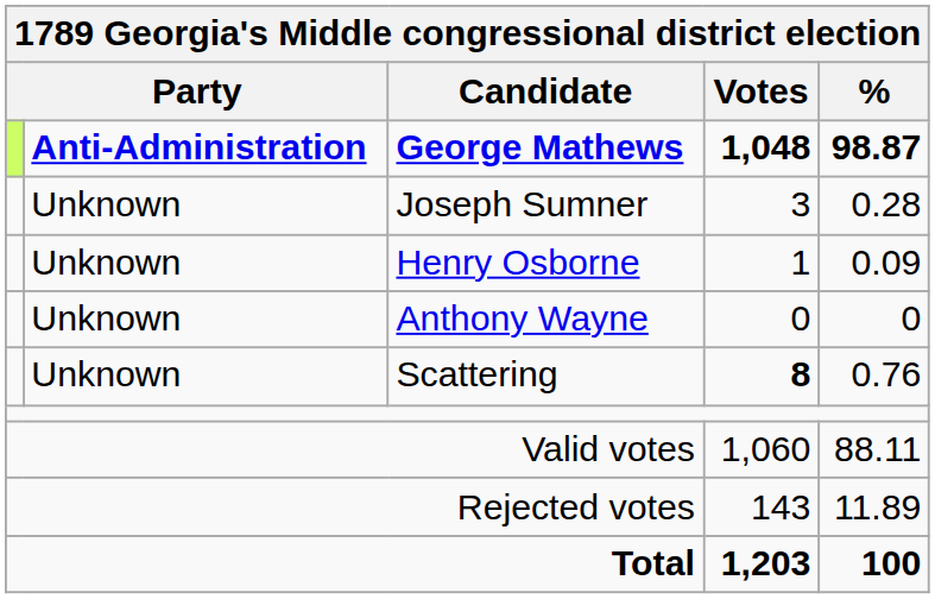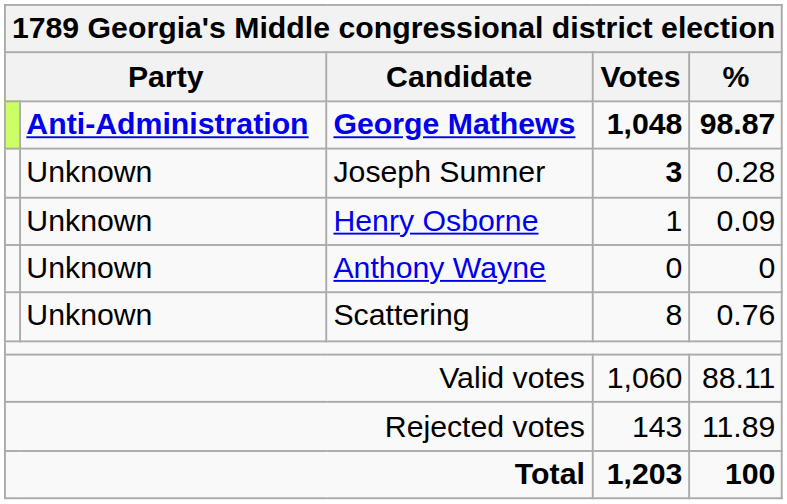 <table class=wikitable style=text-align:right>
 <tr>
 <th colspan="5">1789 Georgia's Middle congressional district election</th>
 </tr>
 <tr>
 <th colspan=2>Party</th>
 <th>Candidate</th>
 <th>Votes</th>
 <th>%</th>
 </tr>
 <tr>
 <td bgcolor=#CCFF66></td>
 <td align=left><strong><a href='#'>Anti-Administration</a></strong></td>
 <td align=left><strong><a href='#'>George Mathews</a></strong></td>
 <td><strong>1,048</strong></td>
 <td><strong>98.87</strong></td>
 </tr>
 <tr>
 <td></td>
 <td align=left>Unknown</td>
 <td align=left>Joseph Sumner</td>
-<td>3</td>
+<td><strong>3</strong></td>
 <td>0.28</td>
 </tr>
 <tr>
 <td></td>
 <td align=left>Unknown</td>
 <td align=left><a href='#'>Henry Osborne</a></td>
 <td>1</td>
 <td>0.09</td>
 </tr>
 <tr>
 <td></td>
 <td align=left>Unknown</td>
 <td align=left><a href='#'>Anthony Wayne</a></td>
 <td>0</td>
 <td>0</td>
 </tr>
 <tr>
 <td></td>
 <td align=left>Unknown</td>
 <td align=left>Scattering</td>
-<td><strong>8</strong></td>
+<td>8</td>
 <td>0.76</td>
 </tr>
 <tr>
 <td colspan=12></td>
 </tr>
 <tr>
 <td colspan=3>Valid votes</td>
 <td>1,060</td>
 <td>88.11</td>
 </tr>
 <tr>
 <td colspan=3>Rejected votes</td>
 <td>143</td>
 <td>11.89</td>
 </tr>
 <tr>
 <td colspan=3><strong>Total</strong></td>
 <td><strong>1,203</strong></td>
 <td><strong>100</strong></td>
 </tr>
 </table>
